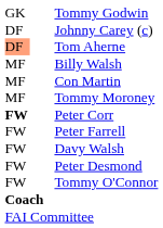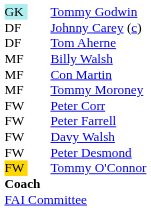 <table cellspacing="0" cellpadding="0" style="font-size:90%; margin:0.2em auto;">
 <tr>
 <th width="25"></th>
 <th width="25"></th>
 </tr>
 <tr>
-<td>GK</td>
+<td style="background: paleturquoise;">GK</td>
 <td></td>
 <td><a href='#'>Tommy Godwin</a></td>
 </tr>
 <tr>
 <td>DF</td>
 <td></td>
 <td><a href='#'>Johnny Carey</a> (<a href='#'>c</a>)</td>
 </tr>
 <tr>
-<td style="background: lightsalmon;">DF</td>
+<td>DF</td>
 <td></td>
 <td><a href='#'>Tom Aherne</a></td>
 </tr>
 <tr>
 <td>MF</td>
 <td></td>
 <td><a href='#'>Billy Walsh</a></td>
 </tr>
 <tr>
 <td>MF</td>
 <td></td>
 <td><a href='#'>Con Martin</a></td>
 </tr>
 <tr>
 <td>MF</td>
 <td></td>
 <td><a href='#'>Tommy Moroney</a></td>
 </tr>
 <tr>
-<td><strong>FW</strong></td>
+<td>FW</td>
 <td></td>
 <td><a href='#'>Peter Corr</a></td>
 </tr>
 <tr>
 <td>FW</td>
 <td></td>
 <td><a href='#'>Peter Farrell</a></td>
 </tr>
 <tr>
 <td>FW</td>
 <td></td>
 <td><a href='#'>Davy Walsh</a></td>
 </tr>
 <tr>
 <td>FW</td>
 <td></td>
 <td><a href='#'>Peter Desmond</a></td>
 </tr>
 <tr>
-<td>FW</td>
+<td style="background: gold;">FW</td>
 <td></td>
 <td><a href='#'>Tommy O'Connor</a></td>
 </tr>
 <tr>
 <td colspan=3><strong>Coach</strong></td>
 </tr>
 <tr>
 <td colspan="4"><a href='#'>FAI Committee</a></td>
 </tr>
 </table>
